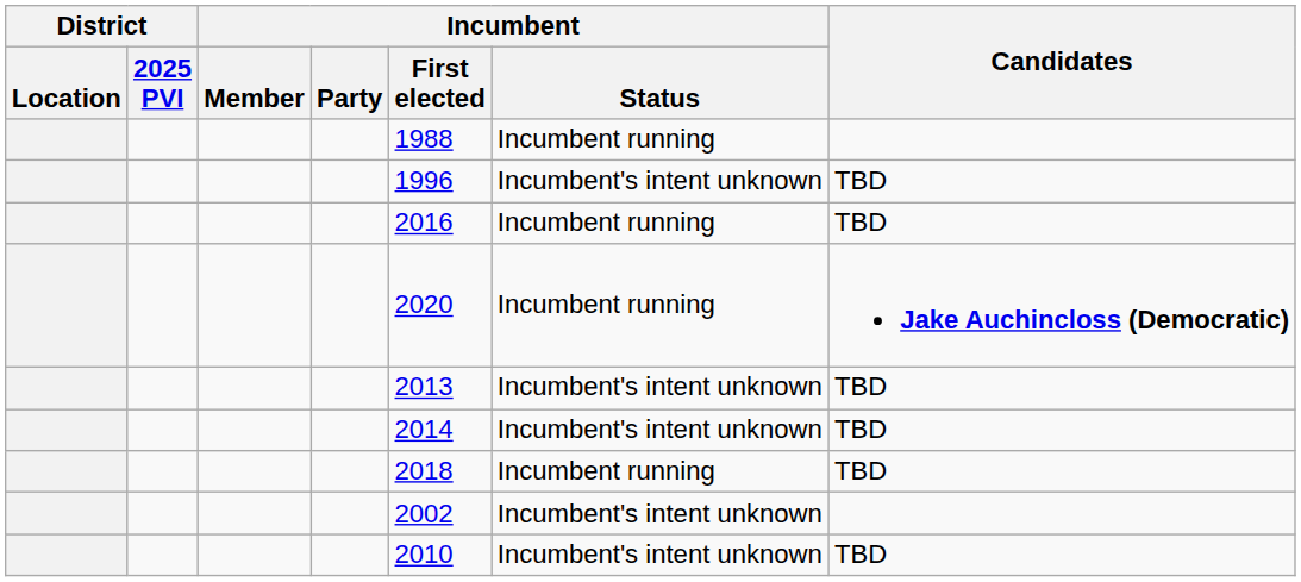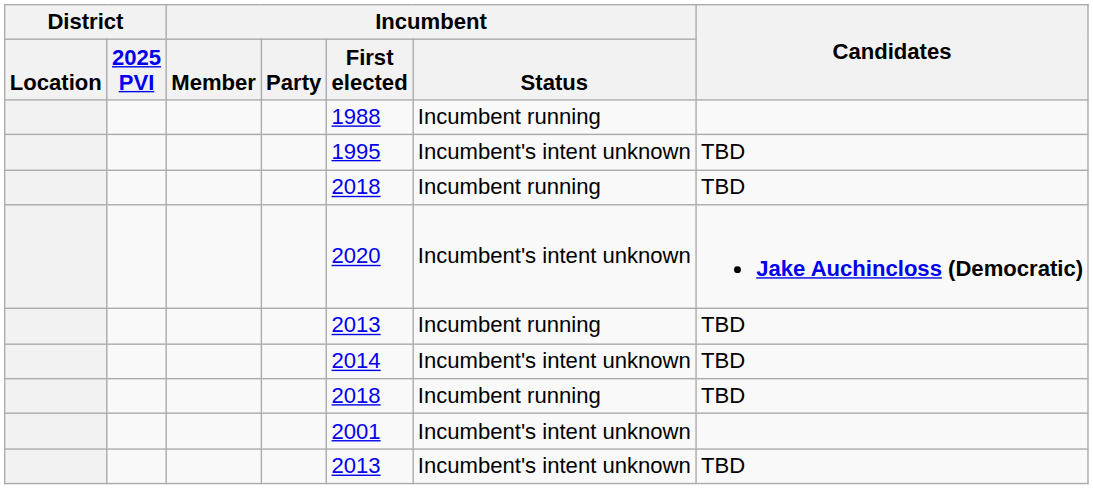 <table class="wikitable sortable">
 <tr>
 <th colspan=2>District</th>
 <th colspan=4>Incumbent</th>
 <th rowspan=2 class="unsortable">Candidates</th>
 </tr>
 <tr valign=bottom>
 <th>Location</th>
 <th><a href='#'>2025<br>PVI</a></th>
 <th>Member</th>
 <th>Party</th>
 <th>First<br>elected</th>
 <th>Status</th>
 </tr>
 <tr>
 <th></th>
 <td></td>
 <td></td>
 <td></td>
 <td><a href='#'>1988</a></td>
 <td>Incumbent running</td>
 <td></td>
 </tr>
 <tr>
 <th></th>
 <td></td>
 <td></td>
 <td></td>
-<td><a href='#'>1996</a></td>
+<td><a href='#'>1995</a></td>
 <td>Incumbent's intent unknown</td>
 <td>TBD</td>
 </tr>
 <tr>
 <th></th>
 <td></td>
 <td></td>
 <td></td>
-<td><a href='#'>2016</a></td>
+<td><a href='#'>2018</a></td>
 <td>Incumbent running</td>
 <td>TBD</td>
 </tr>
 <tr>
 <th></th>
 <td></td>
 <td></td>
 <td></td>
 <td><a href='#'>2020</a></td>
-<td>Incumbent running</td>
+<td>Incumbent's intent unknown</td>
 <td><strong><br><ul><li><a href='#'>Jake Auchincloss</a> (Democratic)</li></ul></strong></td>
 </tr>
 <tr>
 <th></th>
 <td></td>
 <td></td>
 <td></td>
 <td><a href='#'>2013 </a></td>
-<td>Incumbent's intent unknown</td>
+<td>Incumbent running</td>
 <td>TBD</td>
 </tr>
 <tr>
 <th></th>
 <td></td>
 <td></td>
 <td></td>
 <td><a href='#'>2014</a></td>
 <td>Incumbent's intent unknown</td>
 <td>TBD</td>
 </tr>
 <tr>
 <th></th>
 <td></td>
 <td></td>
 <td></td>
 <td><a href='#'>2018</a></td>
 <td>Incumbent running</td>
 <td>TBD</td>
 </tr>
 <tr>
 <th></th>
 <td></td>
 <td></td>
 <td></td>
-<td><a href='#'>2002 </a></td>
+<td><a href='#'>2001 </a></td>
 <td>Incumbent's intent unknown</td>
 <td></td>
 </tr>
 <tr>
 <th></th>
 <td></td>
 <td></td>
 <td></td>
-<td><a href='#'>2010</a></td>
+<td><a href='#'>2013</a></td>
 <td>Incumbent's intent unknown</td>
 <td>TBD</td>
 </tr>
 </table>
